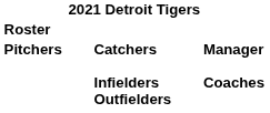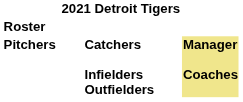 <table class="toccolours" style="font-size: 95%;">
 <tr>
 <th colspan="10">2021 Detroit Tigers</th>
 </tr>
 <tr>
 <td colspan="10"><strong>Roster</strong></td>
 </tr>
 <tr>
 <td valign="top"><strong>Pitchers</strong><br>                          </td>
 <td width="25px"></td>
 <td valign="top"><strong>Catchers</strong><br>    <br><strong>Infielders</strong>         <br><strong>Outfielders</strong>        </td>
 <td width="25px"></td>
-<td valign="top"><strong>Manager</strong><br><br><strong>Coaches</strong>                        </td>
+<td valign="top" style="background: khaki;"><strong>Manager</strong><br><br><strong>Coaches</strong>                        </td>
 </tr>
 </table>
